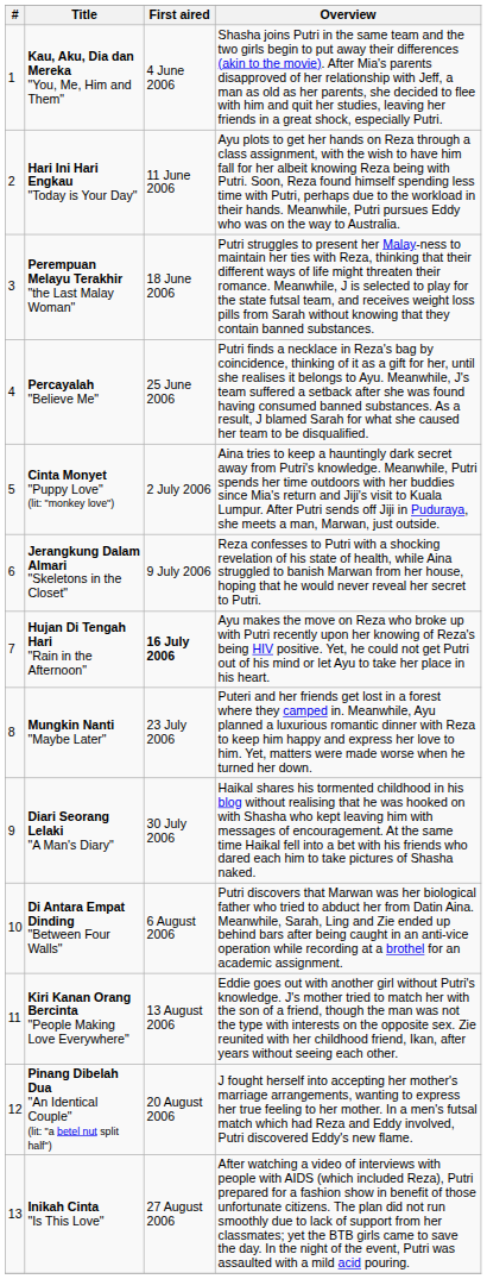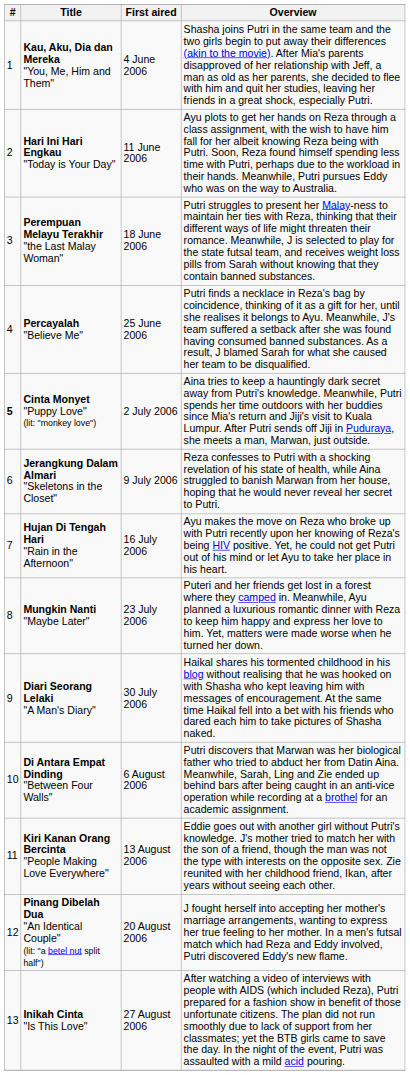 <table class="wikitable">
 <tr bgcolor="#CCCBCC">
 </tr>
 <tr>
 <th width="2%"><strong>#</strong></th>
 <th width="25%"><strong>Title</strong></th>
 <th width="15%"><strong>First aired</strong></th>
 <th><strong>Overview</strong></th>
 </tr>
 <tr>
 <td>1</td>
 <td><strong>Kau, Aku, Dia dan Mereka</strong><br>"You, Me, Him and Them"</td>
 <td>4 June 2006</td>
 <td>Shasha joins Putri in the same team and the two girls begin to put away their differences <a href='#'>(akin to the movie)</a>. After Mia's parents disapproved of her relationship with Jeff, a man as old as her parents, she decided to flee with him and quit her studies, leaving her friends in a great shock, especially Putri.</td>
 </tr>
 <tr>
 <td>2</td>
 <td><strong>Hari Ini Hari Engkau</strong><br>"Today is Your Day"</td>
 <td>11 June 2006</td>
 <td>Ayu plots to get her hands on Reza through a class assignment, with the wish to have him fall for her albeit knowing Reza being with Putri. Soon, Reza found himself spending less time with Putri, perhaps due to the workload in their hands. Meanwhile, Putri pursues Eddy who was on the way to Australia.</td>
 </tr>
 <tr>
 <td>3</td>
 <td><strong>Perempuan Melayu Terakhir</strong><br>"the Last Malay Woman"</td>
 <td>18 June 2006</td>
 <td>Putri struggles to present her <a href='#'>Malay</a>-ness to maintain her ties with Reza, thinking that their different ways of life might threaten their romance. Meanwhile, J is selected to play for the state futsal team, and receives weight loss pills from Sarah without knowing that they contain banned substances.</td>
 </tr>
 <tr>
 <td>4</td>
 <td><strong>Percayalah</strong><br>"Believe Me"</td>
 <td>25 June 2006</td>
 <td>Putri finds a necklace in Reza's bag by coincidence, thinking of it as a gift for her, until she realises it belongs to Ayu. Meanwhile, J's team suffered a setback after she was found having consumed banned substances. As a result, J blamed Sarah for what she caused her team to be disqualified.</td>
 </tr>
 <tr>
-<td>5</td>
+<td><strong>5</strong></td>
 <td><strong>Cinta Monyet</strong><br>"Puppy Love"<br><small>(lit: "monkey love")</small></td>
 <td>2 July 2006</td>
 <td>Aina tries to keep a hauntingly dark secret away from Putri's knowledge. Meanwhile, Putri spends her time outdoors with her buddies since Mia's return and Jiji's visit to Kuala Lumpur. After Putri sends off Jiji in <a href='#'>Puduraya</a>, she meets a man, Marwan, just outside.</td>
 </tr>
 <tr>
 <td>6</td>
 <td><strong>Jerangkung Dalam Almari</strong><br>"Skeletons in the Closet"</td>
 <td>9 July 2006</td>
 <td>Reza confesses to Putri with a shocking revelation of his state of health, while Aina struggled to banish Marwan from her house, hoping that he would never reveal her secret to Putri.</td>
 </tr>
 <tr>
 <td>7</td>
 <td><strong>Hujan Di Tengah Hari</strong><br>"Rain in the Afternoon"</td>
-<td><strong>16 July 2006</strong></td>
+<td>16 July 2006</td>
 <td>Ayu makes the move on Reza who broke up with Putri recently upon her knowing of Reza's being <a href='#'>HIV</a> positive. Yet, he could not get Putri out of his mind or let Ayu to take her place in his heart.</td>
 </tr>
 <tr>
 <td>8</td>
 <td><strong>Mungkin Nanti</strong><br>"Maybe Later"</td>
 <td>23 July 2006</td>
 <td>Puteri and her friends get lost in a forest where they <a href='#'>camped</a> in. Meanwhile, Ayu planned a luxurious romantic dinner with Reza to keep him happy and express her love to him. Yet, matters were made worse when he turned her down.</td>
 </tr>
 <tr>
 <td>9</td>
 <td><strong>Diari Seorang Lelaki</strong><br>"A Man's Diary"</td>
 <td>30 July 2006</td>
 <td>Haikal shares his tormented childhood in his <a href='#'>blog</a> without realising that he was hooked on with Shasha who kept leaving him with messages of encouragement. At the same time Haikal fell into a bet with his friends who dared each him to take pictures of Shasha naked.</td>
 </tr>
 <tr>
 <td>10</td>
 <td><strong>Di Antara Empat Dinding</strong><br>"Between Four Walls"</td>
 <td>6 August 2006</td>
 <td>Putri discovers that Marwan was her biological father who tried to abduct her from Datin Aina. Meanwhile, Sarah, Ling and Zie ended up behind bars after being caught in an anti-vice operation while recording at a <a href='#'>brothel</a> for an academic assignment.</td>
 </tr>
 <tr>
 <td>11</td>
 <td><strong>Kiri Kanan Orang Bercinta</strong><br>"People Making Love Everywhere"</td>
 <td>13 August 2006</td>
 <td>Eddie goes out with another girl without Putri's knowledge. J's mother tried to match her with the son of a friend, though the man was not the type with interests on the opposite sex. Zie reunited with her childhood friend, Ikan, after years without seeing each other.</td>
 </tr>
 <tr>
 <td>12</td>
 <td><strong>Pinang Dibelah Dua</strong><br>"An Identical Couple"<br><small>(lit: "a <a href='#'>betel nut</a> split half")</small></td>
 <td>20 August 2006</td>
 <td>J fought herself into accepting her mother's marriage arrangements, wanting to express her true feeling to her mother. In a men's futsal match which had Reza and Eddy involved, Putri discovered Eddy's new flame.</td>
 </tr>
 <tr>
 <td>13</td>
 <td><strong>Inikah Cinta</strong><br>"Is This Love"</td>
 <td>27 August 2006</td>
 <td>After watching a video of interviews with people with AIDS (which included Reza), Putri prepared for a fashion show in benefit of those unfortunate citizens. The plan did not run smoothly due to lack of support from her classmates; yet the BTB girls came to save the day. In the night of the event, Putri was assaulted with a mild <a href='#'>acid</a> pouring.</td>
 </tr>
 <tr>
 </tr>
 </table>
